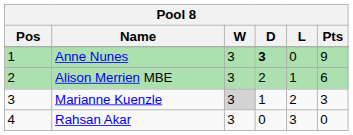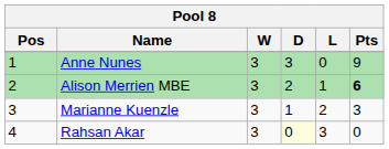 <table class="wikitable">
 <tr>
 <th colspan="6">Pool 8</th>
 </tr>
 <tr>
 <th width=50>Pos</th>
 <th width=200>Name</th>
 <th width=30>W</th>
 <th width=30>D</th>
 <th width=30>L</th>
 <th width=30>Pts</th>
 </tr>
 <tr>
 </tr>
 <tr style="background:#ACE1AF;">
 <td>1</td>
 <td> <a href='#'>Anne Nunes</a></td>
 <td>3</td>
-<td><strong>3</strong></td>
+<td>3</td>
 <td>0</td>
 <td>9</td>
 </tr>
 <tr style="background:#ACE1AF;">
 <td>2</td>
 <td> <a href='#'>Alison Merrien</a> MBE</td>
 <td>3</td>
 <td>2</td>
 <td>1</td>
-<td>6</td>
+<td><strong>6</strong></td>
 </tr>
 <tr>
 <td>3</td>
 <td> <a href='#'>Marianne Kuenzle</a></td>
-<td style="background: lightgrey;">3</td>
+<td>3</td>
 <td>1</td>
 <td>2</td>
 <td>3</td>
 </tr>
 <tr>
 <td>4</td>
 <td> <a href='#'>Rahsan Akar</a></td>
 <td>3</td>
-<td>0</td>
+<td style="background: lightyellow;">0</td>
 <td>3</td>
 <td>0</td>
 </tr>
 </table>
